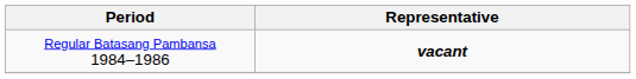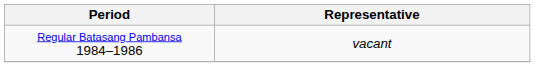 <table class="wikitable" style="text-align:center; width:40%;">
 <tr>
 <th width="40%">Period</th>
 <th>Representative</th>
 </tr>
 <tr>
 <td><small><a href='#'>Regular Batasang Pambansa</a></small><br>1984–1986</td>
-<td><strong><em>vacant</em></strong></td>
+<td><em>vacant</em></td>
 </tr>
 <tr>
 </tr>
 </table>
